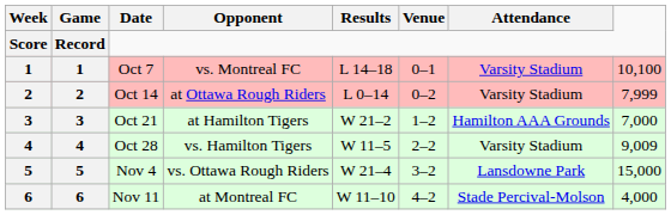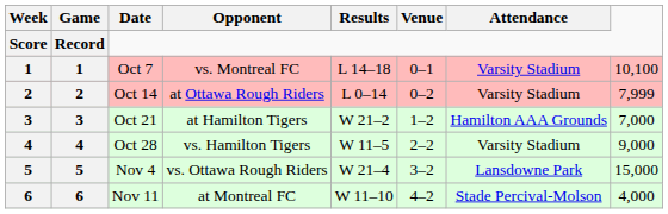 <table class="wikitable" style="text-align:center">
 <tr>
 <th>Week</th>
 <th>Game</th>
 <th>Date</th>
 <th>Opponent</th>
 <th>Results</th>
 <th>Venue</th>
 <th>Attendance</th>
 </tr>
 <tr>
 <th>Score</th>
 <th>Record</th>
 </tr>
 <tr style="background:#ffbbbb">
 <th>1</th>
 <th>1</th>
 <td>Oct 7</td>
 <td>vs. Montreal FC</td>
 <td>L 14–18</td>
 <td>0–1</td>
 <td><a href='#'>Varsity Stadium</a></td>
 <td>10,100</td>
 </tr>
 <tr style="background:#ffbbbb">
 <th>2</th>
 <th>2</th>
 <td>Oct 14</td>
 <td>at <a href='#'>Ottawa Rough Riders</a></td>
 <td>L 0–14</td>
 <td>0–2</td>
 <td>Varsity Stadium</td>
 <td>7,999</td>
 </tr>
 <tr style="background:#ddffdd">
 <th>3</th>
 <th>3</th>
 <td>Oct 21</td>
 <td>at Hamilton Tigers</td>
 <td>W 21–2</td>
 <td>1–2</td>
 <td><a href='#'>Hamilton AAA Grounds</a></td>
 <td>7,000</td>
 </tr>
 <tr style="background:#ddffdd">
 <th>4</th>
 <th>4</th>
 <td>Oct 28</td>
 <td>vs. Hamilton Tigers</td>
 <td>W 11–5</td>
 <td>2–2</td>
 <td>Varsity Stadium</td>
-<td>9,009</td>
+<td>9,000</td>
 </tr>
 <tr style="background:#ddffdd">
 <th>5</th>
 <th>5</th>
 <td>Nov 4</td>
 <td>vs. Ottawa Rough Riders</td>
 <td>W 21–4</td>
 <td>3–2</td>
 <td><a href='#'>Lansdowne Park</a></td>
 <td>15,000</td>
 </tr>
 <tr style="background:#ddffdd">
 <th>6</th>
 <th>6</th>
 <td>Nov 11</td>
 <td>at Montreal FC</td>
 <td>W 11–10</td>
 <td>4–2</td>
 <td><a href='#'>Stade Percival-Molson</a></td>
 <td>4,000</td>
 </tr>
 </table>
